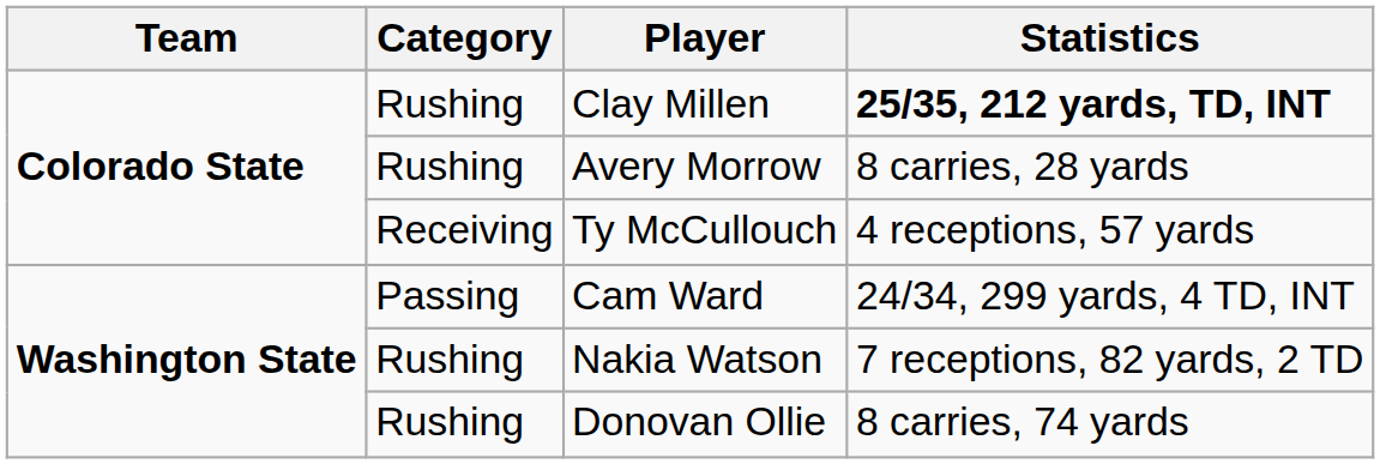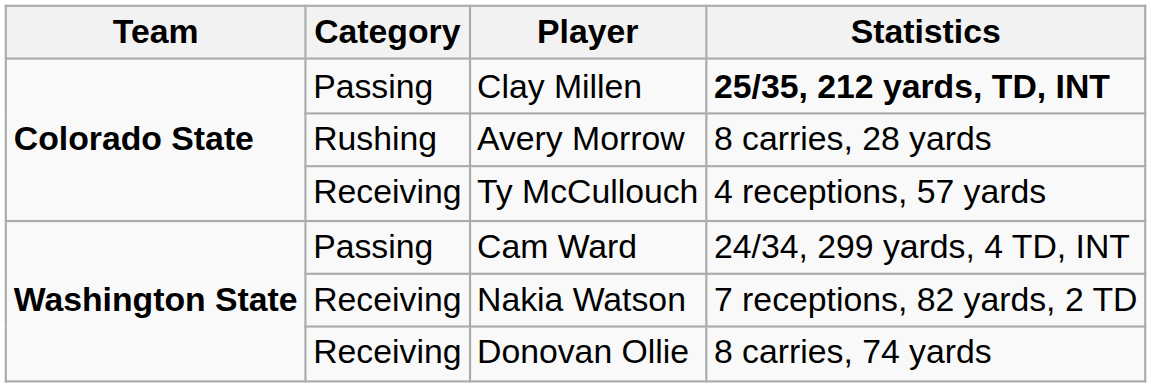 <table class="wikitable" style="float: right;">
 <tr>
 <th>Team</th>
 <th>Category</th>
 <th>Player</th>
 <th>Statistics</th>
 </tr>
 <tr>
 <td rowspan=3><strong>Colorado State</strong></td>
-<td>Rushing</td>
+<td>Passing</td>
 <td>Clay Millen</td>
 <td><strong>25/35, 212 yards, TD, INT</strong></td>
 </tr>
 <tr>
 <td>Rushing</td>
 <td>Avery Morrow</td>
 <td>8 carries, 28 yards</td>
 </tr>
 <tr>
 <td>Receiving</td>
 <td>Ty McCullouch</td>
 <td>4 receptions, 57 yards</td>
 </tr>
 <tr>
 <td rowspan=3><strong>Washington State</strong></td>
 <td>Passing</td>
 <td>Cam Ward</td>
 <td>24/34, 299 yards, 4 TD, INT</td>
 </tr>
 <tr>
-<td>Rushing</td>
+<td>Receiving</td>
 <td>Nakia Watson</td>
 <td>7 receptions, 82 yards, 2 TD</td>
 </tr>
 <tr>
-<td>Rushing</td>
+<td>Receiving</td>
 <td>Donovan Ollie</td>
 <td>8 carries, 74 yards</td>
 </tr>
 </table>
